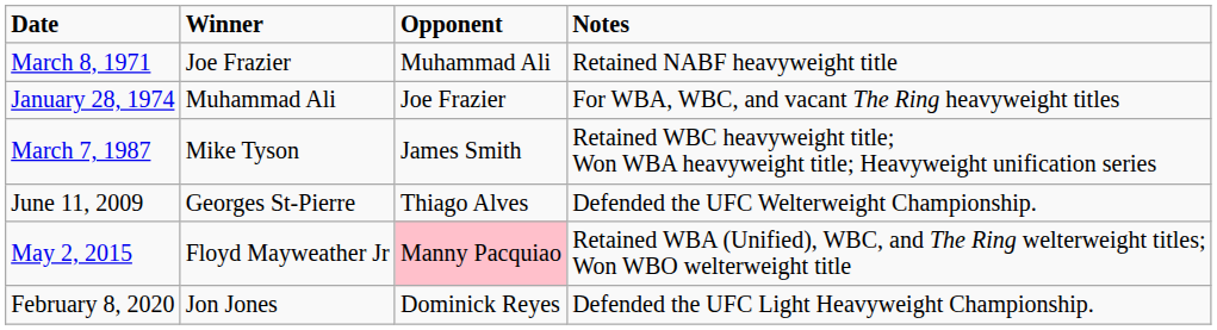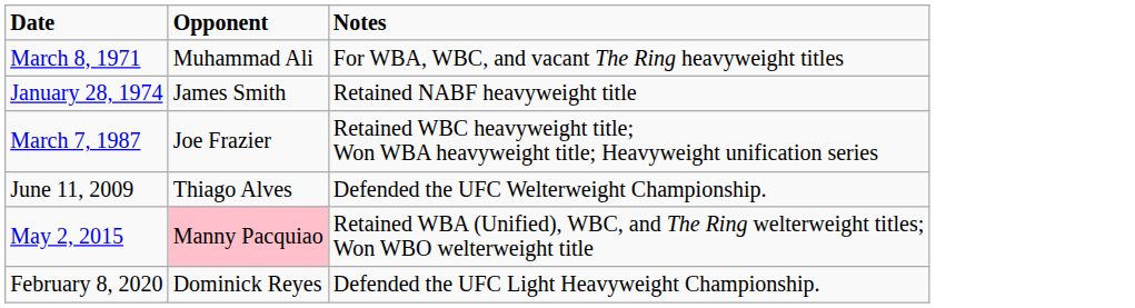 <table class="wikitable">
 <tr>
 <td><strong>Date</strong></td>
-<td><strong>Winner</strong></td>
 <td><strong>Opponent</strong></td>
 <td><strong>Notes</strong></td>
 </tr>
 <tr>
 <td><a href='#'>March 8, 1971</a></td>
-<td>Joe Frazier</td>
 <td>Muhammad Ali</td>
+<td>For WBA, WBC, and vacant <em>The Ring</em> heavyweight titles</td>
+</tr>
+<tr>
+<td><a href='#'>January 28, 1974</a></td>
+<td>James Smith</td>
 <td>Retained NABF heavyweight title</td>
 </tr>
 <tr>
-<td><a href='#'>January 28, 1974</a></td>
-<td>Muhammad Ali</td>
+<td><a href='#'>March 7, 1987</a></td>
 <td>Joe Frazier</td>
-<td>For WBA, WBC, and vacant <em>The Ring</em> heavyweight titles</td>
-</tr>
-<tr>
-<td><a href='#'>March 7, 1987</a></td>
-<td>Mike Tyson</td>
-<td>James Smith</td>
 <td>Retained WBC heavyweight title;<br>Won WBA heavyweight title; Heavyweight unification series</td>
 </tr>
 <tr>
 <td>June 11, 2009</td>
-<td>Georges St-Pierre</td>
 <td>Thiago Alves</td>
 <td>Defended the UFC Welterweight Championship.</td>
 </tr>
 <tr>
 <td><a href='#'>May 2, 2015</a></td>
-<td>Floyd Mayweather Jr</td>
 <td style="background: pink;">Manny Pacquiao</td>
 <td>Retained WBA (Unified), WBC, and <em>The Ring</em> welterweight titles;<br>Won WBO welterweight title</td>
 </tr>
 <tr>
 <td>February 8, 2020</td>
-<td>Jon Jones</td>
 <td>Dominick Reyes</td>
 <td>Defended the UFC Light Heavyweight Championship.</td>
 </tr>
 </table>
